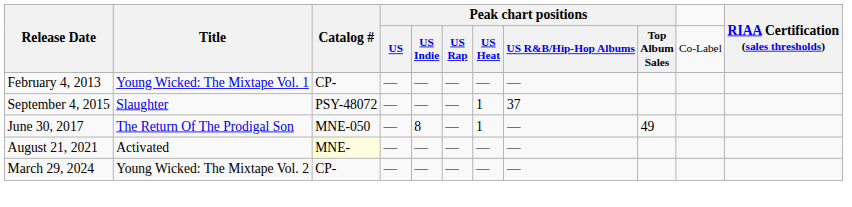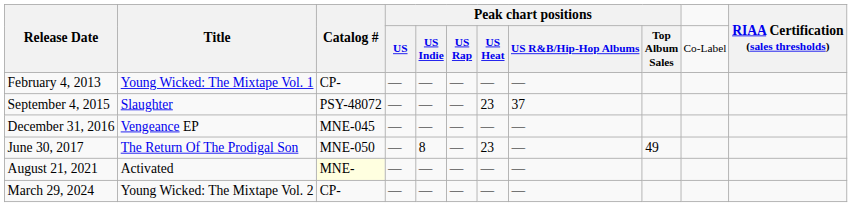 <table class="wikitable">
 <tr>
 <th rowspan="2">Release Date</th>
 <th rowspan="2">Title</th>
 <th rowspan="2">Catalog #</th>
 <th colspan="6">Peak chart positions</th>
 <td></td>
 <th rowspan="2"><a href='#'>RIAA</a> Certification<br><small>(<a href='#'>sales thresholds</a>)</small></th>
 </tr>
 <tr style="font-size:smaller;">
 <th style="width:30px;"><a href='#'>US</a></th>
 <th style="width:30px;"><a href='#'>US Indie</a></th>
 <th style="width:30px;"><a href='#'>US Rap</a></th>
 <th style="width:30px;"><a href='#'>US Heat</a></th>
 <th style="sidth:30px;"><a href='#'>US R&B/Hip-Hop Albums</a></th>
 <th style="width:30px;">Top Album Sales</th>
 <td>Co-Label</td>
 </tr>
 <tr>
 <td>February 4, 2013</td>
 <td><a href='#'>Young Wicked: The Mixtape Vol. 1</a></td>
 <td>CP-</td>
 <td>—</td>
 <td>—</td>
 <td>—</td>
 <td>—</td>
 <td>—</td>
 <td></td>
 <td></td>
 <td></td>
 </tr>
 <tr>
 <td>September 4, 2015</td>
 <td><a href='#'>Slaughter</a></td>
 <td>PSY-48072</td>
 <td>—</td>
 <td>—</td>
 <td>—</td>
-<td>1</td>
+<td>23</td>
 <td>37</td>
+<td></td>
+<td></td>
+<td></td>
+</tr>
+<tr>
+<td>December 31, 2016</td>
+<td><a href='#'>Vengeance</a> EP</td>
+<td>MNE-045</td>
+<td>—</td>
+<td>—</td>
+<td>—</td>
+<td>—</td>
+<td>—</td>
 <td></td>
 <td></td>
 <td></td>
 </tr>
 <tr>
 <td>June 30, 2017</td>
 <td><a href='#'>The Return Of The Prodigal Son</a></td>
 <td>MNE-050</td>
 <td>—</td>
 <td>8</td>
 <td>—</td>
-<td>1</td>
+<td>23</td>
 <td>—</td>
 <td>49</td>
 <td></td>
 <td></td>
 </tr>
 <tr>
 <td>August 21, 2021</td>
 <td>Activated</td>
 <td style="background: lightyellow;">MNE-</td>
 <td>—</td>
 <td>—</td>
 <td>—</td>
 <td>—</td>
 <td>—</td>
 <td></td>
 <td></td>
 <td></td>
 </tr>
 <tr>
 <td>March 29, 2024</td>
 <td>Young Wicked: The Mixtape Vol. 2</td>
 <td>CP-</td>
 <td>—</td>
 <td>—</td>
 <td>—</td>
 <td>—</td>
 <td>—</td>
 <td></td>
 <td></td>
 <td></td>
 </tr>
 </table>
